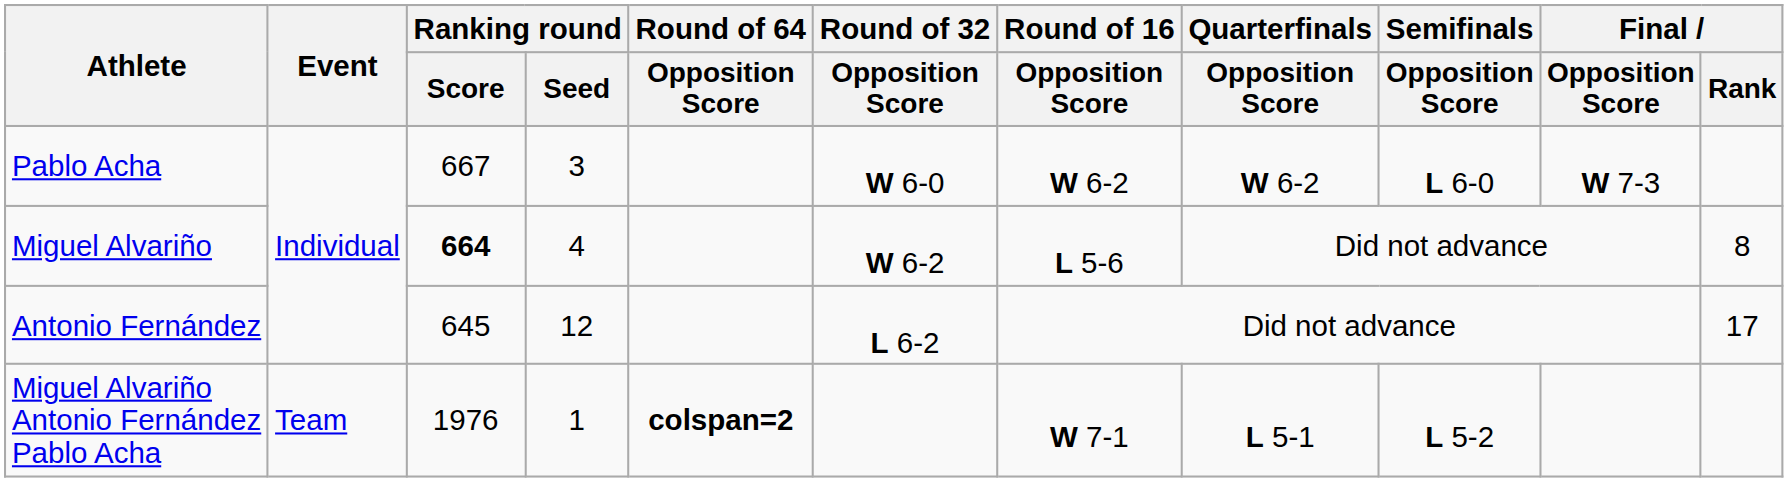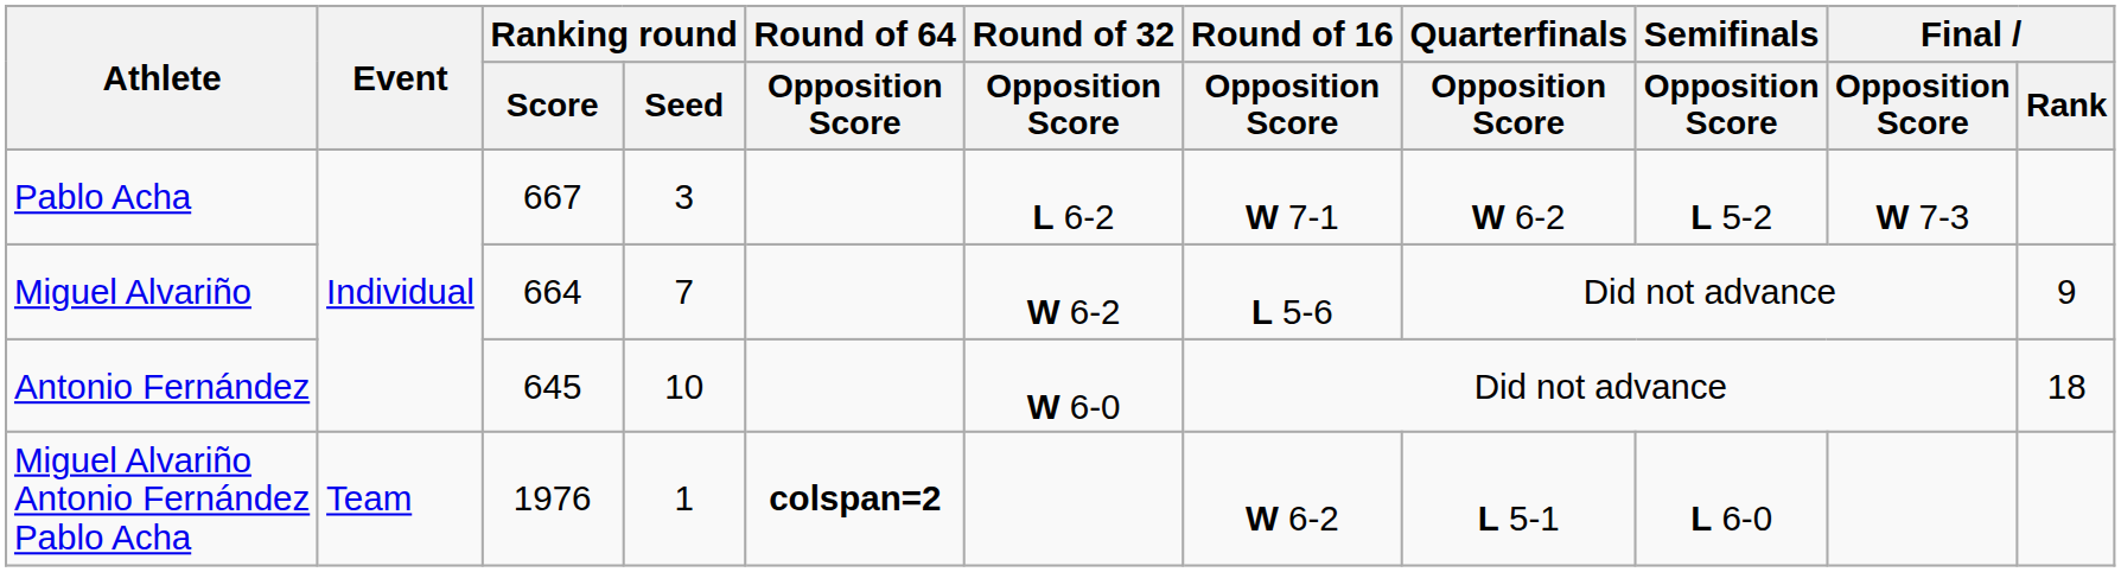 <table class="wikitable" style="font-size:90%">
 <tr>
 <th rowspan=2>Athlete</th>
 <th rowspan=2>Event</th>
 <th colspan=2>Ranking round</th>
 <th>Round of 64</th>
 <th>Round of 32</th>
 <th>Round of 16</th>
 <th>Quarterfinals</th>
 <th>Semifinals</th>
 <th colspan=2>Final / </th>
 </tr>
 <tr style="font-size:95%">
 <th>Score</th>
 <th>Seed</th>
 <th>Opposition<br>Score</th>
 <th>Opposition<br>Score</th>
 <th>Opposition<br>Score</th>
 <th>Opposition<br>Score</th>
 <th>Opposition<br>Score</th>
 <th>Opposition<br>Score</th>
 <th>Rank</th>
 </tr>
 <tr align=center>
 <td align=left><a href='#'>Pablo Acha</a></td>
 <td align=left rowspan=3><a href='#'>Individual</a></td>
 <td>667</td>
 <td>3</td>
 <td></td>
-<td><br><strong>W</strong> 6-0</td>
+<td><br><strong>L</strong> 6-2</td>
+<td><br><strong>W</strong> 7-1</td>
 <td><br><strong>W</strong> 6-2</td>
-<td><br><strong>W</strong> 6-2</td>
-<td><br><strong>L</strong> 6-0</td>
+<td><br><strong>L</strong> 5-2</td>
 <td><br><strong>W</strong> 7-3</td>
 <td></td>
 </tr>
 <tr align=center>
 <td align=left><a href='#'>Miguel Alvariño</a></td>
-<td><strong>664</strong></td>
-<td>4</td>
+<td>664</td>
+<td>7</td>
 <td></td>
 <td><br><strong>W</strong> 6-2</td>
 <td><br><strong>L</strong> 5-6</td>
 <td colspan=3>Did not advance</td>
-<td>8</td>
+<td>9</td>
 </tr>
 <tr align=center>
 <td align=left><a href='#'>Antonio Fernández</a></td>
 <td>645</td>
-<td>12</td>
+<td>10</td>
 <td></td>
-<td><br><strong>L</strong> 6-2</td>
+<td><br><strong>W</strong> 6-0</td>
 <td colspan=4>Did not advance</td>
-<td>17</td>
+<td>18</td>
 </tr>
 <tr align=center>
 <td align=left><a href='#'>Miguel Alvariño</a><br><a href='#'>Antonio Fernández</a><br><a href='#'>Pablo Acha</a></td>
 <td align=left><a href='#'>Team</a></td>
 <td>1976</td>
 <td>1</td>
 <td><strong>colspan=2 </strong></td>
 <td></td>
-<td><br><strong>W</strong> 7-1</td>
+<td><br><strong>W</strong> 6-2</td>
 <td><br><strong>L</strong> 5-1</td>
-<td><br><strong>L</strong> 5-2</td>
+<td><br><strong>L</strong> 6-0</td>
 <td></td>
 </tr>
 </table>
